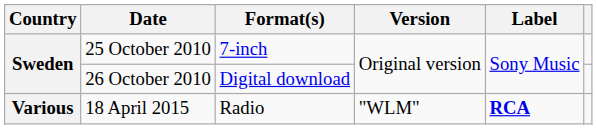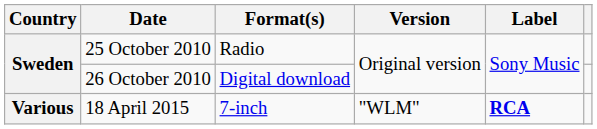 <table class="wikitable plainrowheaders">
 <tr>
 <th scope="col">Country</th>
 <th scope="col">Date</th>
 <th scope="col">Format(s)</th>
 <th scope="col">Version</th>
 <th scope="col">Label</th>
 <th scope="col"></th>
 </tr>
 <tr>
 <th scope="row" rowspan="2">Sweden</th>
 <td>25 October 2010</td>
-<td><a href='#'>7-inch</a></td>
+<td>Radio</td>
 <td rowspan="2">Original version</td>
 <td rowspan="2"><a href='#'>Sony Music</a></td>
 <td align="center"></td>
 </tr>
 <tr>
 <td>26 October 2010</td>
 <td><a href='#'>Digital download</a></td>
 <td align="center"></td>
 </tr>
 <tr>
 <th scope="row">Various</th>
 <td>18 April 2015</td>
-<td>Radio</td>
+<td><a href='#'>7-inch</a></td>
 <td>"WLM"</td>
 <td><strong><a href='#'>RCA</a></strong></td>
 <td align="center"></td>
 </tr>
 </table>
